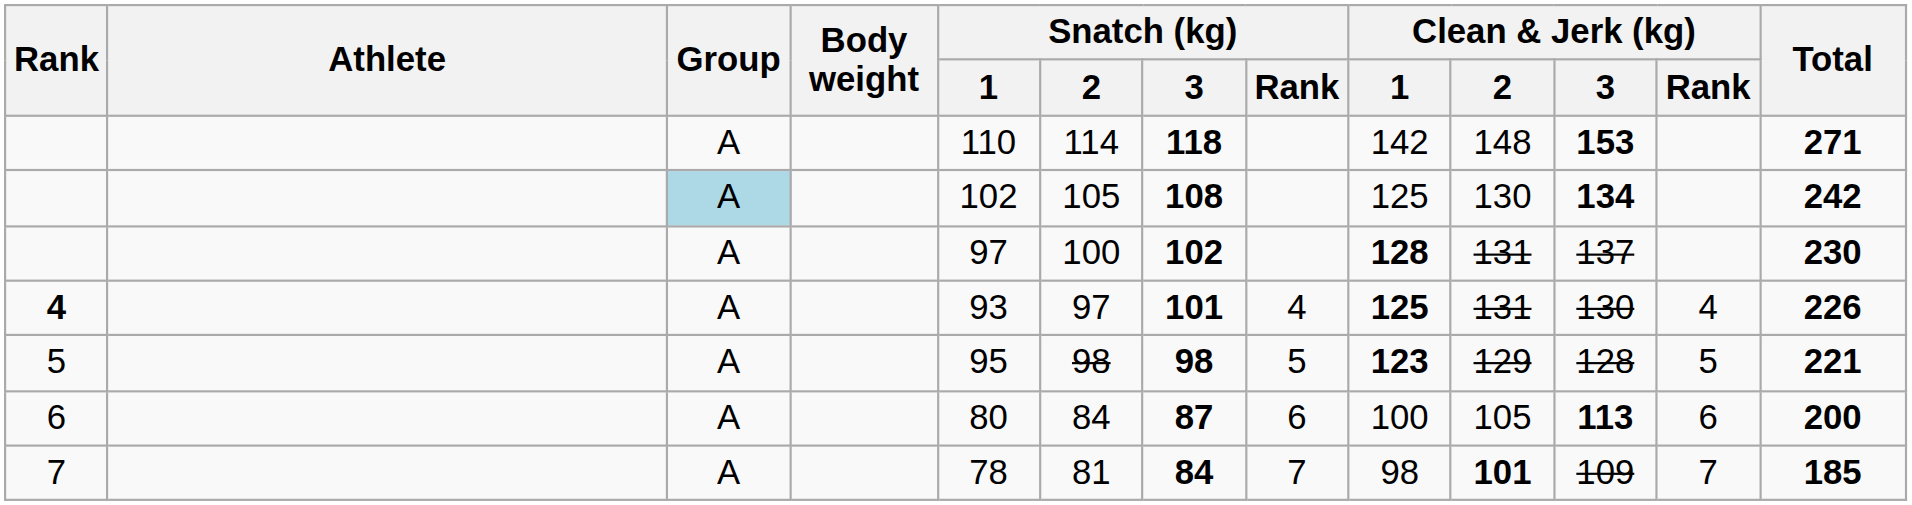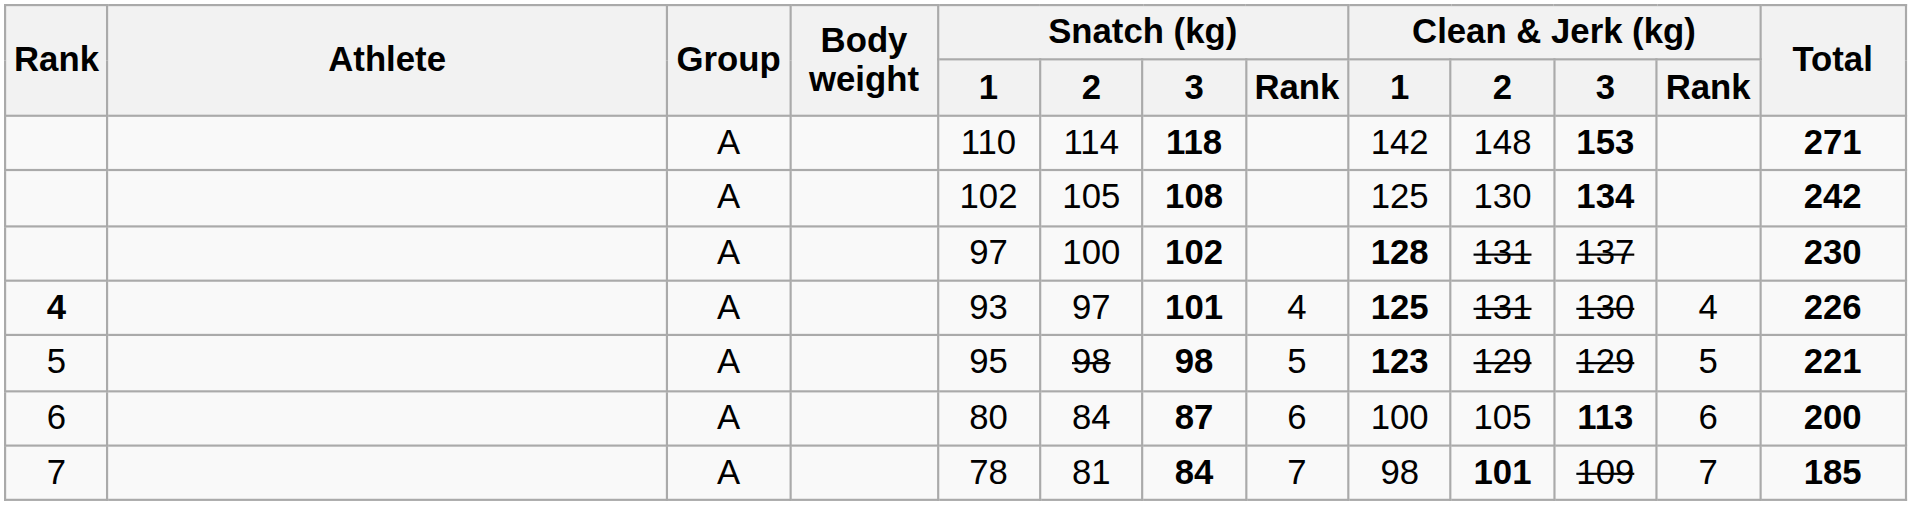 <table class = "wikitable" style="text-align:center;">
 <tr>
 <th rowspan=2 width=40>Rank</th>
 <th rowspan=2 width=250>Athlete</th>
 <th rowspan=2 width=50>Group</th>
 <th rowspan=2 width=60>Body weight</th>
 <th colspan=4>Snatch (kg)</th>
 <th colspan=4>Clean & Jerk (kg)</th>
 <th rowspan=2 width=60>Total</th>
 </tr>
 <tr>
 <th width=40>1</th>
 <th width=40>2</th>
 <th width=40>3</th>
 <th width=40>Rank</th>
 <th width=40>1</th>
 <th width=40>2</th>
 <th width=40>3</th>
 <th width=40>Rank</th>
 </tr>
 <tr>
 <td></td>
 <td align=left></td>
 <td>A</td>
 <td></td>
 <td>110</td>
 <td>114</td>
 <td><strong>118</strong></td>
 <td></td>
 <td>142</td>
 <td>148</td>
 <td><strong>153</strong></td>
 <td></td>
 <td><strong>271</strong></td>
 </tr>
 <tr>
 <td></td>
 <td align=left></td>
-<td style="background: lightblue;">A</td>
+<td>A</td>
 <td></td>
 <td>102</td>
 <td>105</td>
 <td><strong>108</strong></td>
 <td></td>
 <td>125</td>
 <td>130</td>
 <td><strong>134</strong></td>
 <td></td>
 <td><strong>242</strong></td>
 </tr>
 <tr>
 <td></td>
 <td align=left></td>
 <td>A</td>
 <td></td>
 <td>97</td>
 <td>100</td>
 <td><strong>102</strong></td>
 <td></td>
 <td><strong>128</strong></td>
 <td><s>131</s></td>
 <td><s>137</s></td>
 <td></td>
 <td><strong>230</strong></td>
 </tr>
 <tr>
 <td><strong>4</strong></td>
 <td align=left></td>
 <td>A</td>
 <td></td>
 <td>93</td>
 <td>97</td>
 <td><strong>101</strong></td>
 <td>4</td>
 <td><strong>125</strong></td>
 <td><s>131</s></td>
 <td><s>130</s></td>
 <td>4</td>
 <td><strong>226</strong></td>
 </tr>
 <tr>
 <td>5</td>
 <td align=left></td>
 <td>A</td>
 <td></td>
 <td>95</td>
 <td><s>98</s></td>
 <td><strong>98</strong></td>
 <td>5</td>
 <td><strong>123</strong></td>
 <td><s>129</s></td>
-<td><s>128</s></td>
+<td><s>129</s></td>
 <td>5</td>
 <td><strong>221</strong></td>
 </tr>
 <tr>
 <td>6</td>
 <td align=left></td>
 <td>A</td>
 <td></td>
 <td>80</td>
 <td>84</td>
 <td><strong>87</strong></td>
 <td>6</td>
 <td>100</td>
 <td>105</td>
 <td><strong>113</strong></td>
 <td>6</td>
 <td><strong>200</strong></td>
 </tr>
 <tr>
 <td>7</td>
 <td align=left></td>
 <td>A</td>
 <td></td>
 <td>78</td>
 <td>81</td>
 <td><strong>84</strong></td>
 <td>7</td>
 <td>98</td>
 <td><strong>101</strong></td>
 <td><s>109</s></td>
 <td>7</td>
 <td><strong>185</strong></td>
 </tr>
 </table>
